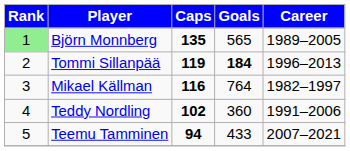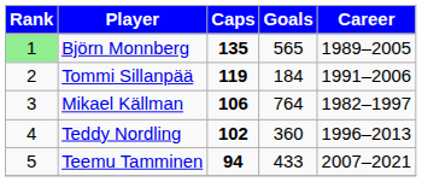 <table class="wikitable sortable" style="text-align:center;">
 <tr>
 <th style="background-color:#0000FF; color:white; ">Rank</th>
 <th style="background-color:#0000FF; color:white; ">Player</th>
 <th style="background-color:#0000FF; color:white; ">Caps</th>
 <th style="background-color:#0000FF; color:white; ">Goals</th>
 <th style="background-color:#0000FF; color:white; ">Career</th>
 </tr>
 <tr>
 <td style="background: lightgreen;">1</td>
 <td align="left"><a href='#'>Björn Monnberg</a></td>
 <td><strong>135</strong></td>
 <td>565</td>
 <td>1989–2005</td>
 </tr>
 <tr>
 <td>2</td>
 <td align="left"><a href='#'>Tommi Sillanpää</a></td>
 <td><strong>119</strong></td>
-<td><strong>184</strong></td>
-<td>1996–2013</td>
+<td>184</td>
+<td>1991–2006</td>
 </tr>
 <tr>
 <td>3</td>
 <td align="left"><a href='#'>Mikael Källman</a></td>
-<td><strong>116</strong></td>
+<td><strong>106</strong></td>
 <td>764</td>
 <td>1982–1997</td>
 </tr>
 <tr>
 <td>4</td>
 <td align="left"><a href='#'>Teddy Nordling</a></td>
 <td><strong>102</strong></td>
 <td>360</td>
-<td>1991–2006</td>
+<td>1996–2013</td>
 </tr>
 <tr>
 <td>5</td>
 <td align="left"><a href='#'>Teemu Tamminen</a></td>
 <td><strong>94</strong></td>
 <td>433</td>
 <td>2007–2021</td>
 </tr>
 <tr>
 </tr>
 </table>
